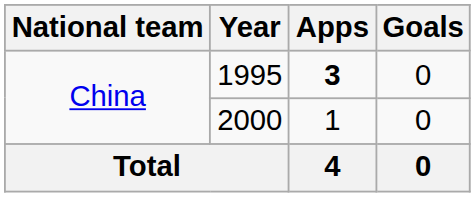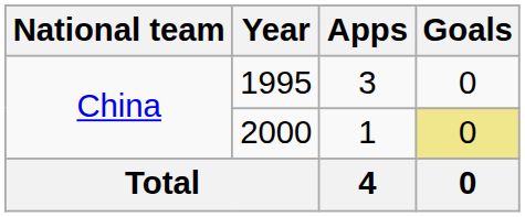 <table class="wikitable" style="text-align:center">
 <tr>
 <th>National team</th>
 <th>Year</th>
 <th>Apps</th>
 <th>Goals</th>
 </tr>
 <tr>
 <td rowspan="2"><a href='#'>China</a></td>
 <td>1995</td>
-<td><strong>3</strong></td>
+<td>3</td>
 <td>0</td>
 </tr>
 <tr>
 <td>2000</td>
 <td>1</td>
-<td>0</td>
+<td style="background: khaki;">0</td>
 </tr>
 <tr>
 <th colspan=2>Total</th>
 <th>4</th>
 <th>0</th>
 </tr>
 </table>
